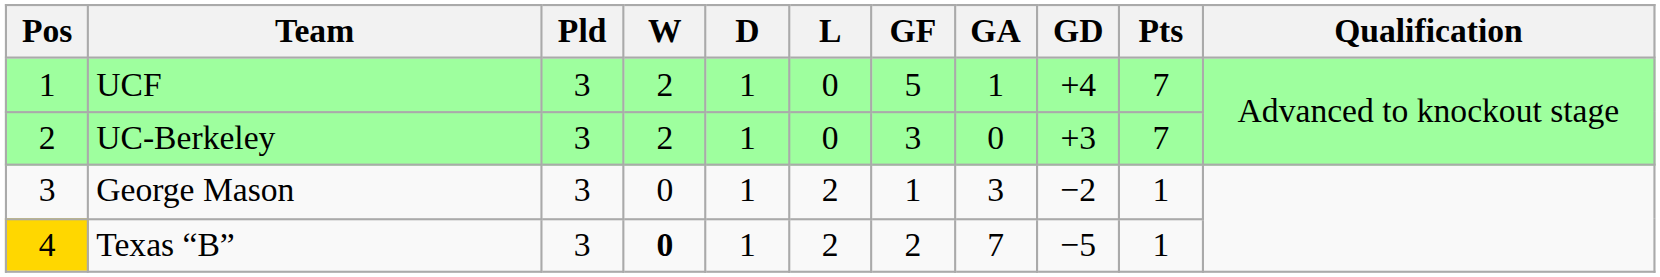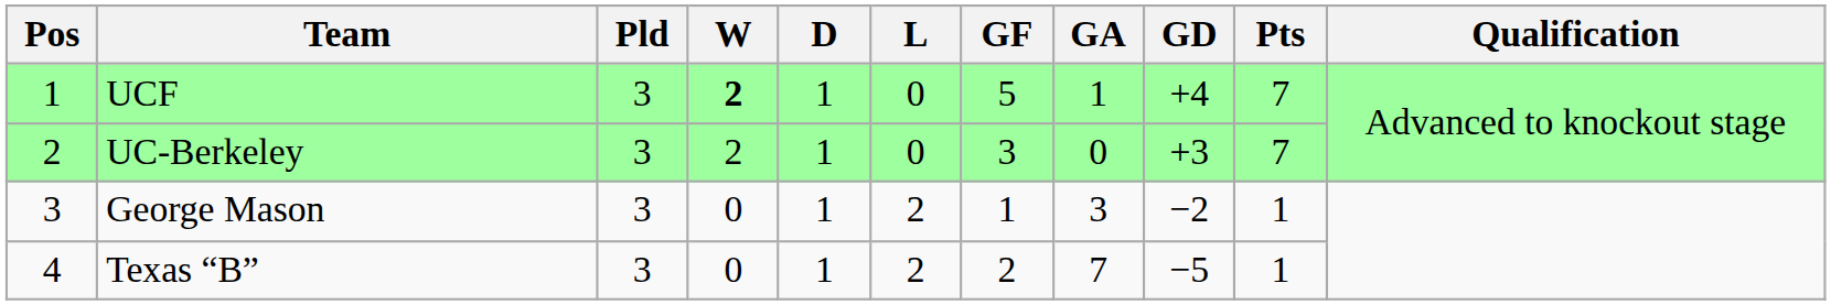 <table class="wikitable" style="text-align:center; margin: 1em auto">
 <tr>
 <th style="width:2em">Pos</th>
 <th style="width:13em">Team</th>
 <th style="width:2em">Pld</th>
 <th style="width:2em">W</th>
 <th style="width:2em">D</th>
 <th style="width:2em">L</th>
 <th style="width:2em">GF</th>
 <th style="width:2em">GA</th>
 <th style="width:2em">GD</th>
 <th style="width:2em">Pts</th>
 <th style="width:13em">Qualification</th>
 </tr>
 <tr bgcolor="#9eff9e">
 <td>1</td>
 <td style="text-align:left">UCF</td>
 <td>3</td>
-<td>2</td>
+<td><strong>2</strong></td>
 <td>1</td>
 <td>0</td>
 <td>5</td>
 <td>1</td>
 <td>+4</td>
 <td>7</td>
 <td rowspan="2">Advanced to knockout stage</td>
 </tr>
 <tr bgcolor="#9eff9e">
 <td>2</td>
 <td style="text-align:left">UC-Berkeley</td>
 <td>3</td>
 <td>2</td>
 <td>1</td>
 <td>0</td>
 <td>3</td>
 <td>0</td>
 <td>+3</td>
 <td>7</td>
 </tr>
 <tr>
 <td>3</td>
 <td style="text-align:left">George Mason</td>
 <td>3</td>
 <td>0</td>
 <td>1</td>
 <td>2</td>
 <td>1</td>
 <td>3</td>
 <td>−2</td>
 <td>1</td>
 </tr>
 <tr>
-<td style="background: gold;">4</td>
+<td>4</td>
 <td style="text-align:left">Texas “B”</td>
 <td>3</td>
-<td><strong>0</strong></td>
+<td>0</td>
 <td>1</td>
 <td>2</td>
 <td>2</td>
 <td>7</td>
 <td>−5</td>
 <td>1</td>
 </tr>
 </table>
